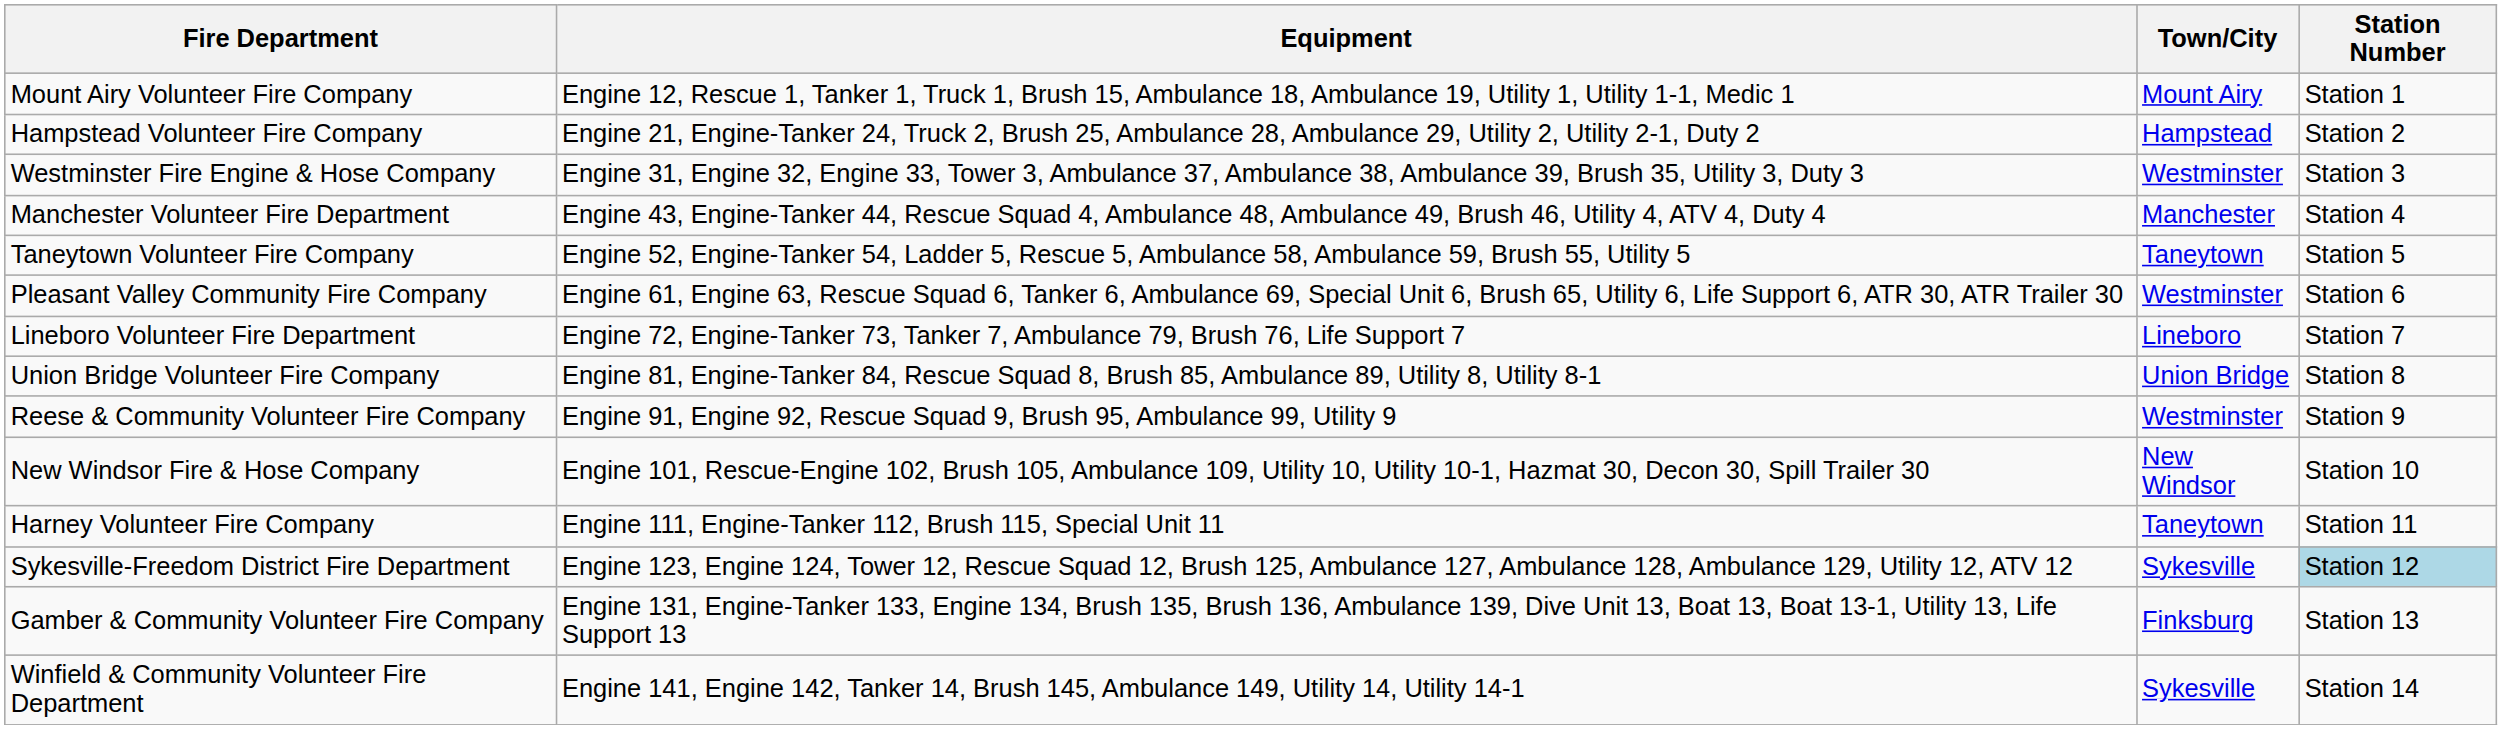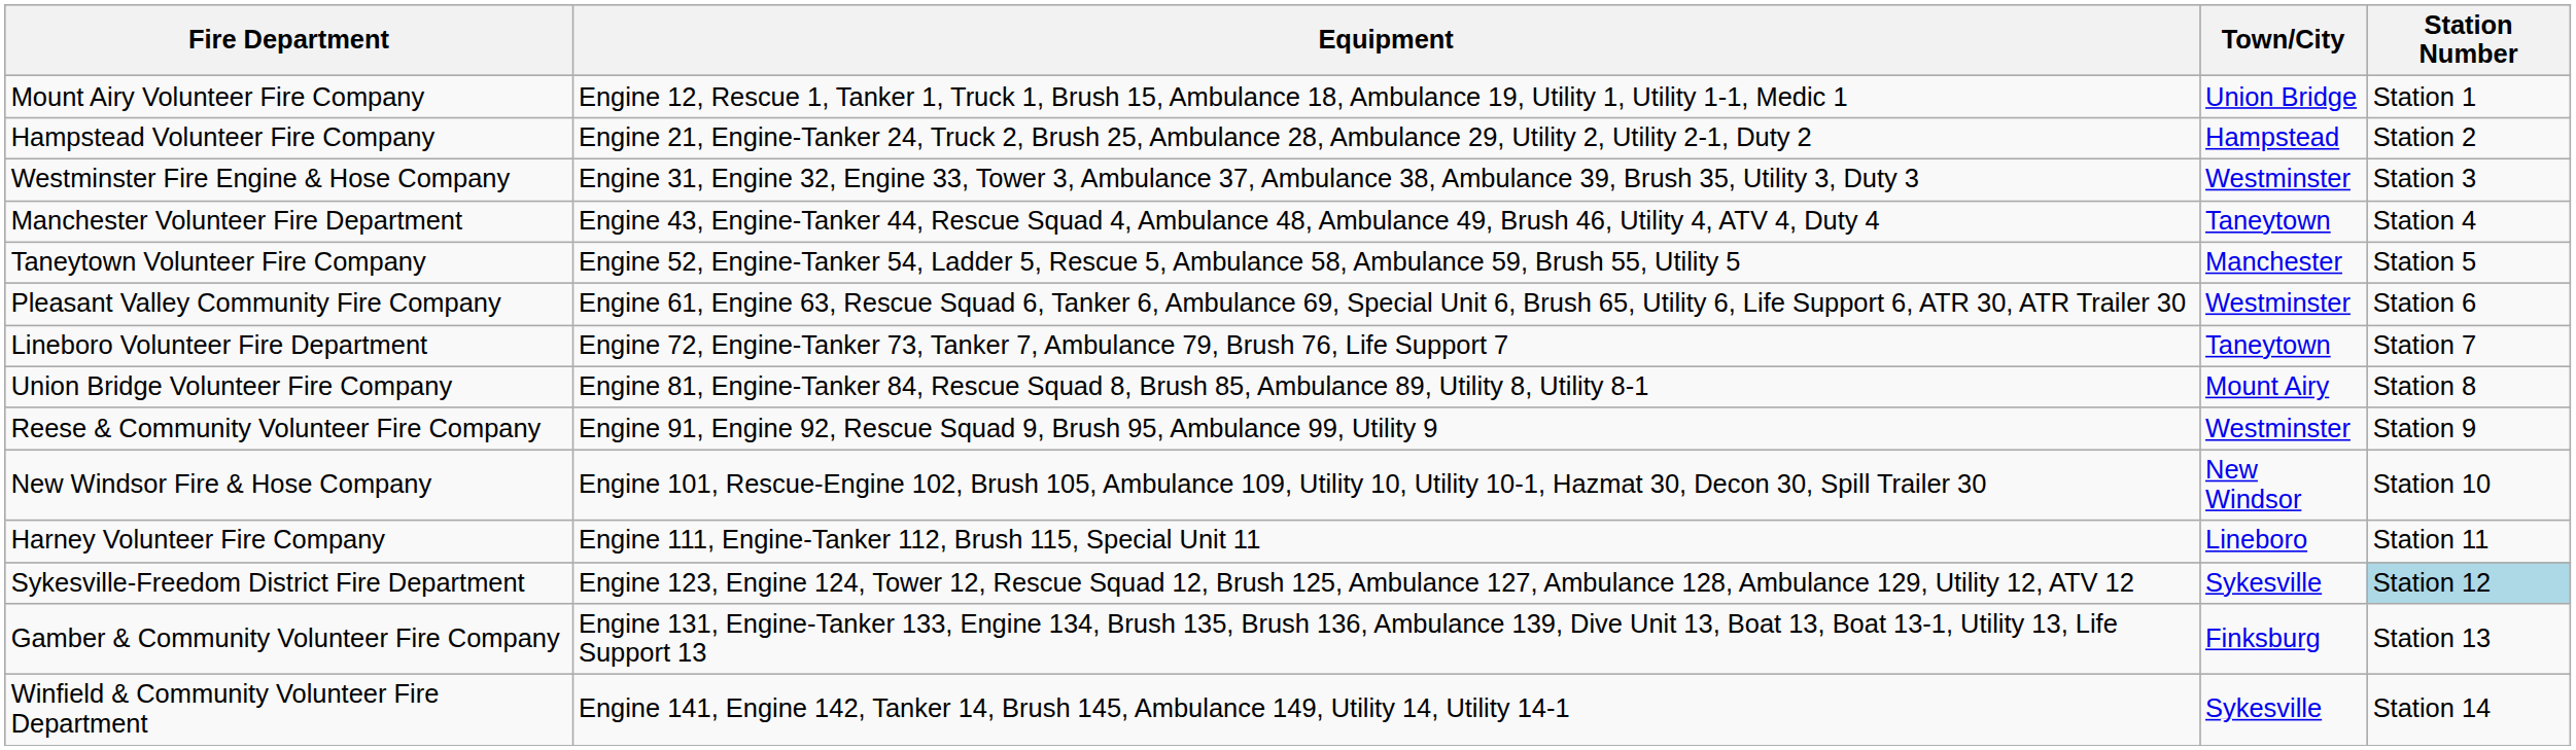 <table class="wikitable">
 <tr>
 <th>Fire Department</th>
 <th>Equipment</th>
 <th>Town/City</th>
 <th>Station Number</th>
 </tr>
 <tr>
 <td>Mount Airy Volunteer Fire Company</td>
 <td>Engine 12, Rescue 1, Tanker 1, Truck 1, Brush 15, Ambulance 18, Ambulance 19, Utility 1, Utility 1-1, Medic 1</td>
-<td><a href='#'>Mount Airy</a></td>
+<td><a href='#'>Union Bridge</a></td>
 <td>Station 1</td>
 </tr>
 <tr>
 <td>Hampstead Volunteer Fire Company</td>
 <td>Engine 21, Engine-Tanker 24, Truck 2, Brush 25, Ambulance 28, Ambulance 29, Utility 2, Utility 2-1, Duty 2</td>
 <td><a href='#'>Hampstead</a></td>
 <td>Station 2</td>
 </tr>
 <tr>
 <td>Westminster Fire Engine & Hose Company</td>
 <td>Engine 31, Engine 32, Engine 33, Tower 3, Ambulance 37, Ambulance 38, Ambulance 39, Brush 35, Utility 3, Duty 3</td>
 <td><a href='#'>Westminster</a></td>
 <td>Station 3</td>
 </tr>
 <tr>
 <td>Manchester Volunteer Fire Department</td>
 <td>Engine 43, Engine-Tanker 44, Rescue Squad 4, Ambulance 48, Ambulance 49, Brush 46, Utility 4, ATV 4, Duty 4</td>
-<td><a href='#'>Manchester</a></td>
+<td><a href='#'>Taneytown</a></td>
 <td>Station 4</td>
 </tr>
 <tr>
 <td>Taneytown Volunteer Fire Company</td>
 <td>Engine 52, Engine-Tanker 54, Ladder 5, Rescue 5, Ambulance 58, Ambulance 59, Brush 55, Utility 5</td>
-<td><a href='#'>Taneytown</a></td>
+<td><a href='#'>Manchester</a></td>
 <td>Station 5</td>
 </tr>
 <tr>
 <td>Pleasant Valley Community Fire Company</td>
 <td>Engine 61, Engine 63, Rescue Squad 6, Tanker 6, Ambulance 69, Special Unit 6, Brush 65, Utility 6, Life Support 6, ATR 30, ATR Trailer 30</td>
 <td><a href='#'>Westminster</a></td>
 <td>Station 6</td>
 </tr>
 <tr>
 <td>Lineboro Volunteer Fire Department</td>
 <td>Engine 72, Engine-Tanker 73, Tanker 7, Ambulance 79, Brush 76, Life Support 7</td>
-<td><a href='#'>Lineboro</a></td>
+<td><a href='#'>Taneytown</a></td>
 <td>Station 7</td>
 </tr>
 <tr>
 <td>Union Bridge Volunteer Fire Company</td>
 <td>Engine 81, Engine-Tanker 84, Rescue Squad 8, Brush 85, Ambulance 89, Utility 8, Utility 8-1</td>
-<td><a href='#'>Union Bridge</a></td>
+<td><a href='#'>Mount Airy</a></td>
 <td>Station 8</td>
 </tr>
 <tr>
 <td>Reese & Community Volunteer Fire Company</td>
 <td>Engine 91, Engine 92, Rescue Squad 9, Brush 95, Ambulance 99, Utility 9</td>
 <td><a href='#'>Westminster</a></td>
 <td>Station 9</td>
 </tr>
 <tr>
 <td>New Windsor Fire & Hose Company</td>
 <td>Engine 101, Rescue-Engine 102, Brush 105, Ambulance 109, Utility 10, Utility 10-1, Hazmat 30, Decon 30, Spill Trailer 30</td>
 <td><a href='#'>New Windsor</a></td>
 <td>Station 10</td>
 </tr>
 <tr>
 <td>Harney Volunteer Fire Company</td>
 <td>Engine 111, Engine-Tanker 112, Brush 115, Special Unit 11</td>
-<td><a href='#'>Taneytown</a></td>
+<td><a href='#'>Lineboro</a></td>
 <td>Station 11</td>
 </tr>
 <tr>
 <td>Sykesville-Freedom District Fire Department</td>
 <td>Engine 123, Engine 124, Tower 12, Rescue Squad 12, Brush 125, Ambulance 127, Ambulance 128, Ambulance 129, Utility 12, ATV 12</td>
 <td><a href='#'>Sykesville</a></td>
 <td style="background: lightblue;">Station 12</td>
 </tr>
 <tr>
 <td>Gamber & Community Volunteer Fire Company</td>
 <td>Engine 131, Engine-Tanker 133, Engine 134, Brush 135, Brush 136, Ambulance 139, Dive Unit 13, Boat 13, Boat 13-1, Utility 13, Life Support 13</td>
 <td><a href='#'>Finksburg</a></td>
 <td>Station 13</td>
 </tr>
 <tr>
 <td>Winfield & Community Volunteer Fire Department</td>
 <td>Engine 141, Engine 142, Tanker 14, Brush 145, Ambulance 149, Utility 14, Utility 14-1</td>
 <td><a href='#'>Sykesville</a></td>
 <td>Station 14</td>
 </tr>
 <tr>
 </tr>
 </table>
